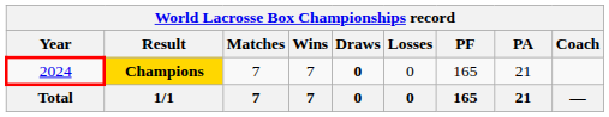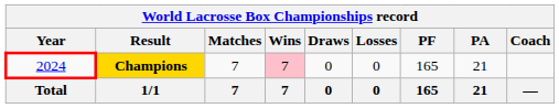 <table class="wikitable"  style="text-align:center;">
 <tr>
 <th colspan=9><strong><a href='#'>World Lacrosse Box Championships</a> record</strong></th>
 </tr>
 <tr>
 <th width=90>Year</th>
 <th width=110>Result</th>
 <th>Matches</th>
 <th>Wins</th>
 <th>Draws</th>
 <th>Losses</th>
 <th width=50>PF</th>
 <th width=50>PA</th>
 <th>Coach</th>
 </tr>
 <tr>
 <td style="border: 3px solid red"> <a href='#'>2024</a></td>
 <td style="background:gold;"><strong>Champions</strong></td>
 <td>7</td>
-<td>7</td>
-<td><strong>0</strong></td>
+<td style="background: pink;">7</td>
+<td>0</td>
 <td>0</td>
 <td>165</td>
 <td>21</td>
 <td></td>
 </tr>
 <tr>
 <th>Total</th>
 <th>1/1</th>
 <th>7</th>
 <th>7</th>
 <th>0</th>
 <th>0</th>
 <th>165</th>
 <th>21</th>
 <th>—</th>
 </tr>
 </table>
